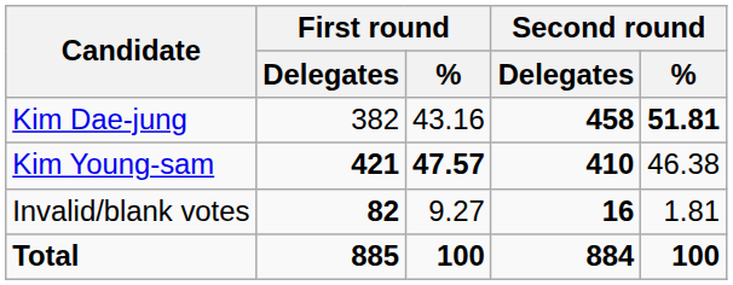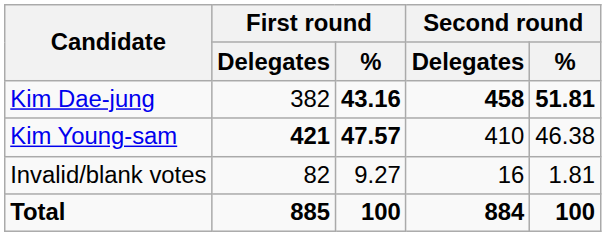 <table class=wikitable style=text-align:right>
 <tr>
 <th rowspan=2>Candidate</th>
 <th colspan=2>First round</th>
 <th colspan=2>Second round</th>
 </tr>
 <tr>
 <th>Delegates</th>
 <th>%</th>
 <th>Delegates</th>
 <th>%</th>
 </tr>
 <tr>
 <td align=left><a href='#'>Kim Dae-jung</a></td>
 <td>382</td>
-<td>43.16</td>
+<td><strong>43.16</strong></td>
 <td><strong>458</strong></td>
 <td><strong>51.81</strong></td>
 </tr>
 <tr>
 <td align=left><a href='#'>Kim Young-sam</a></td>
 <td><strong>421</strong></td>
 <td><strong>47.57</strong></td>
-<td><strong>410</strong></td>
+<td>410</td>
 <td>46.38</td>
 </tr>
 <tr>
 <td align=left>Invalid/blank votes</td>
-<td><strong>82</strong></td>
+<td>82</td>
 <td>9.27</td>
-<td><strong>16</strong></td>
+<td>16</td>
 <td>1.81</td>
 </tr>
 <tr style=font-weight:bold>
 <td align=left>Total</td>
 <td>885</td>
 <td>100</td>
 <td>884</td>
 <td>100</td>
 </tr>
 </table>
